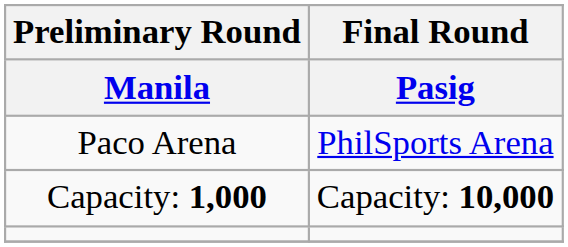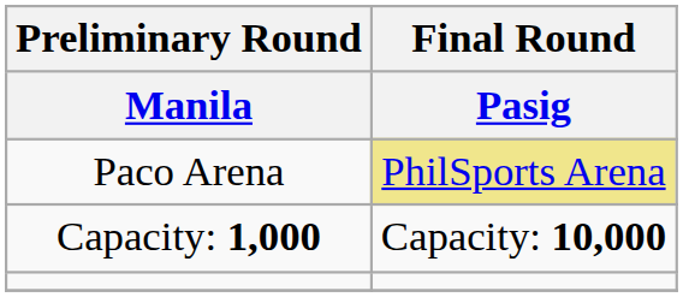 <table class="wikitable" style="text-align:center">
 <tr>
 <th align=center>Preliminary Round</th>
 <th align=center>Final Round</th>
 </tr>
 <tr>
 <th><a href='#'>Manila</a></th>
 <th><a href='#'>Pasig</a></th>
 </tr>
 <tr>
 <td>Paco Arena</td>
-<td><a href='#'>PhilSports Arena</a></td>
+<td style="background: khaki;"><a href='#'>PhilSports Arena</a></td>
 </tr>
 <tr>
 <td>Capacity: <strong>1,000</strong></td>
 <td>Capacity: <strong>10,000</strong></td>
 </tr>
 <tr>
 <td></td>
 <td></td>
 </tr>
 <tr>
 </tr>
 </table>
